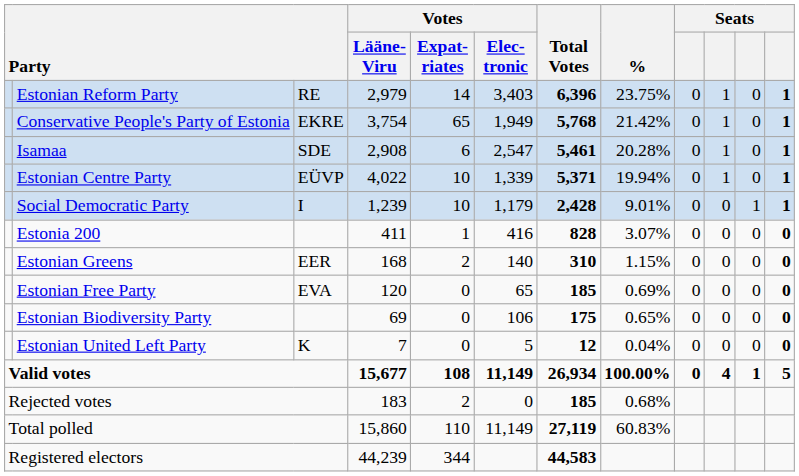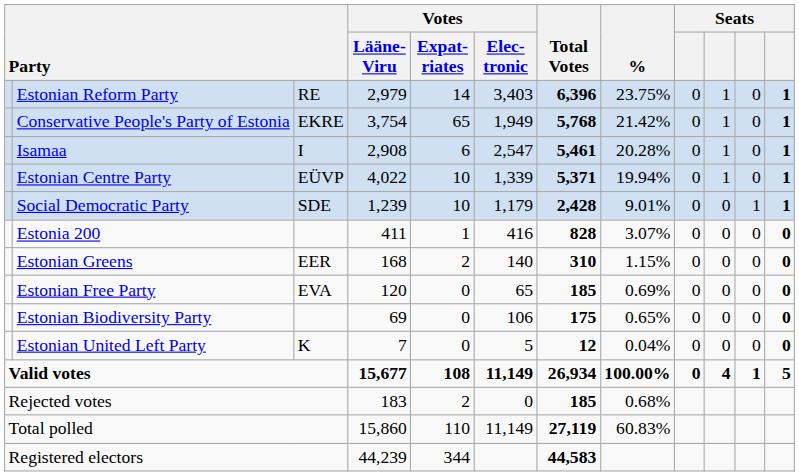 <table class="wikitable" border="1" style="text-align:right;">
 <tr>
 <th style="text-align:left;" valign=bottom rowspan=2 colspan=3>Party</th>
 <th colspan=3>Votes</th>
 <th align=center valign=bottom rowspan=2 width="50">Total Votes</th>
 <th align=center valign=bottom rowspan=2 width="50">%</th>
 <th colspan=4>Seats</th>
 </tr>
 <tr>
 <th align=center valign=bottom width="50"><a href='#'>Lääne- Viru</a></th>
 <th align=center valign=bottom width="50"><a href='#'>Expat- riates</a></th>
 <th align=center valign=bottom width="50"><a href='#'>Elec- tronic</a></th>
 <th align=center valign=bottom width="20"><small></small></th>
 <th align=center valign=bottom width="20"><small></small></th>
 <th align=center valign=bottom width="20"><small></small></th>
 <th align=center valign=bottom width="20"><small></small></th>
 </tr>
 <tr style="background:#CEE0F2;">
 <td style="background:"></td>
 <td align=left><a href='#'>Estonian Reform Party</a></td>
 <td align=left>RE</td>
 <td>2,979</td>
 <td>14</td>
 <td>3,403</td>
 <td><strong>6,396</strong></td>
 <td>23.75%</td>
 <td>0</td>
 <td>1</td>
 <td>0</td>
 <td><strong>1</strong></td>
 </tr>
 <tr style="background:#CEE0F2;">
 <td style="background:"></td>
 <td align=left><a href='#'>Conservative People's Party of Estonia</a></td>
 <td align=left>EKRE</td>
 <td>3,754</td>
 <td>65</td>
 <td>1,949</td>
 <td><strong>5,768</strong></td>
 <td>21.42%</td>
 <td>0</td>
 <td>1</td>
 <td>0</td>
 <td><strong>1</strong></td>
 </tr>
 <tr style="background:#CEE0F2;">
 <td style="background:"></td>
 <td align=left><a href='#'>Isamaa</a></td>
-<td align=left>SDE</td>
+<td align=left>I</td>
 <td>2,908</td>
 <td>6</td>
 <td>2,547</td>
 <td><strong>5,461</strong></td>
 <td>20.28%</td>
 <td>0</td>
 <td>1</td>
 <td>0</td>
 <td><strong>1</strong></td>
 </tr>
 <tr style="background:#CEE0F2;">
 <td style="background:"></td>
 <td align=left><a href='#'>Estonian Centre Party</a></td>
 <td align=left>EÜVP</td>
 <td>4,022</td>
 <td>10</td>
 <td>1,339</td>
 <td><strong>5,371</strong></td>
 <td>19.94%</td>
 <td>0</td>
 <td>1</td>
 <td>0</td>
 <td><strong>1</strong></td>
 </tr>
 <tr style="background:#CEE0F2;">
 <td style="background:"></td>
 <td align=left><a href='#'>Social Democratic Party</a></td>
-<td align=left>I</td>
+<td align=left>SDE</td>
 <td>1,239</td>
 <td>10</td>
 <td>1,179</td>
 <td><strong>2,428</strong></td>
 <td>9.01%</td>
 <td>0</td>
 <td>0</td>
 <td>1</td>
 <td><strong>1</strong></td>
 </tr>
 <tr>
 <td style="background:"></td>
 <td align=left><a href='#'>Estonia 200</a></td>
 <td></td>
 <td>411</td>
 <td>1</td>
 <td>416</td>
 <td><strong>828</strong></td>
 <td>3.07%</td>
 <td>0</td>
 <td>0</td>
 <td>0</td>
 <td><strong>0</strong></td>
 </tr>
 <tr>
 <td style="background:"></td>
 <td align=left><a href='#'>Estonian Greens</a></td>
 <td align=left>EER</td>
 <td>168</td>
 <td>2</td>
 <td>140</td>
 <td><strong>310</strong></td>
 <td>1.15%</td>
 <td>0</td>
 <td>0</td>
 <td>0</td>
 <td><strong>0</strong></td>
 </tr>
 <tr>
 <td style="background:"></td>
 <td align=left><a href='#'>Estonian Free Party</a></td>
 <td align=left>EVA</td>
 <td>120</td>
 <td>0</td>
 <td>65</td>
 <td><strong>185</strong></td>
 <td>0.69%</td>
 <td>0</td>
 <td>0</td>
 <td>0</td>
 <td><strong>0</strong></td>
 </tr>
 <tr>
 <td style="background:"></td>
 <td align=left><a href='#'>Estonian Biodiversity Party</a></td>
 <td></td>
 <td>69</td>
 <td>0</td>
 <td>106</td>
 <td><strong>175</strong></td>
 <td>0.65%</td>
 <td>0</td>
 <td>0</td>
 <td>0</td>
 <td><strong>0</strong></td>
 </tr>
 <tr>
 <td style="background:"></td>
 <td align=left><a href='#'>Estonian United Left Party</a></td>
 <td align=left>K</td>
 <td>7</td>
 <td>0</td>
 <td>5</td>
 <td><strong>12</strong></td>
 <td>0.04%</td>
 <td>0</td>
 <td>0</td>
 <td>0</td>
 <td><strong>0</strong></td>
 </tr>
 <tr style="font-weight:bold">
 <td align=left colspan=3>Valid votes</td>
 <td>15,677</td>
 <td>108</td>
 <td>11,149</td>
 <td>26,934</td>
 <td>100.00%</td>
 <td>0</td>
 <td>4</td>
 <td>1</td>
 <td>5</td>
 </tr>
 <tr>
 <td align=left colspan=3>Rejected votes</td>
 <td>183</td>
 <td>2</td>
 <td>0</td>
 <td><strong>185</strong></td>
 <td>0.68%</td>
 <td></td>
 <td></td>
 <td></td>
 <td></td>
 </tr>
 <tr>
 <td align=left colspan=3>Total polled</td>
 <td>15,860</td>
 <td>110</td>
 <td>11,149</td>
 <td><strong>27,119</strong></td>
 <td>60.83%</td>
 <td></td>
 <td></td>
 <td></td>
 <td></td>
 </tr>
 <tr>
 <td align=left colspan=3>Registered electors</td>
 <td>44,239</td>
 <td>344</td>
 <td></td>
 <td><strong>44,583</strong></td>
 <td></td>
 <td></td>
 <td></td>
 <td></td>
 <td></td>
 </tr>
 </table>
